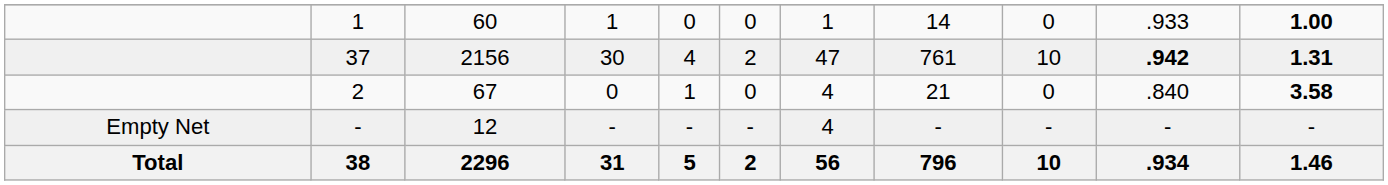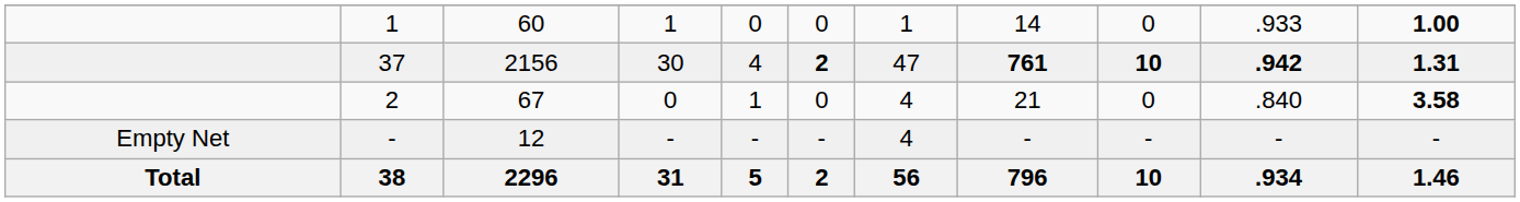 <table class="wikitable sortable" width ="1000">
 <tr align="center">
 </tr>
 <tr align="center" bgcolor="">
 <td></td>
 <td>1</td>
 <td>60</td>
 <td>1</td>
 <td>0</td>
 <td>0</td>
 <td>1</td>
 <td>14</td>
 <td>0</td>
 <td>.933</td>
 <td><strong>1.00</strong></td>
 </tr>
 <tr align="center" bgcolor="f0f0f0">
 <td></td>
 <td>37</td>
 <td>2156</td>
 <td>30</td>
 <td>4</td>
-<td>2</td>
+<td><strong>2</strong></td>
 <td>47</td>
-<td>761</td>
-<td>10</td>
+<td><strong>761</strong></td>
+<td><strong>10</strong></td>
 <td><strong>.942</strong></td>
 <td><strong>1.31</strong></td>
 </tr>
 <tr align="center" bgcolor="">
 <td></td>
 <td>2</td>
 <td>67</td>
 <td>0</td>
 <td>1</td>
 <td>0</td>
 <td>4</td>
 <td>21</td>
 <td>0</td>
 <td>.840</td>
 <td><strong>3.58</strong></td>
 </tr>
 <tr align="center" bgcolor="f0f0f0">
 <td>Empty Net</td>
 <td>-</td>
 <td>12</td>
 <td>-</td>
 <td>-</td>
 <td>-</td>
 <td>4</td>
 <td>-</td>
 <td>-</td>
 <td>-</td>
 <td>-</td>
 </tr>
 <tr>
 <th>Total</th>
 <th>38</th>
 <th>2296</th>
 <th>31</th>
 <th>5</th>
 <th>2</th>
 <th>56</th>
 <th>796</th>
 <th>10</th>
 <th>.934</th>
 <th>1.46</th>
 </tr>
 </table>
